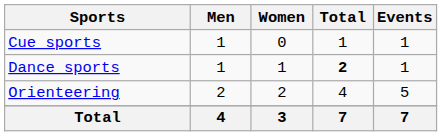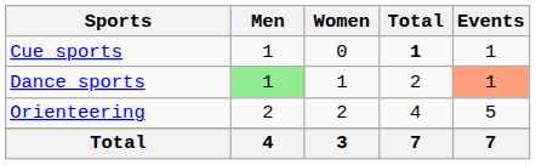 <table class="wikitable sortable" style="text-align:center;">
 <tr>
 <th width=150>Sports</th>
 <th width=45>Men</th>
 <th width=45>Women</th>
 <th width=45>Total</th>
 <th width=45>Events</th>
 </tr>
 <tr>
 <td align=left><a href='#'>Cue sports</a></td>
 <td>1</td>
 <td>0</td>
-<td>1</td>
+<td><strong>1</strong></td>
 <td>1</td>
 </tr>
 <tr>
 <td align=left><a href='#'>Dance sports</a></td>
+<td style="background: lightgreen;">1</td>
 <td>1</td>
-<td>1</td>
-<td><strong>2</strong></td>
-<td>1</td>
+<td>2</td>
+<td style="background: lightsalmon;">1</td>
 </tr>
 <tr>
 <td align=left><a href='#'>Orienteering</a></td>
 <td>2</td>
 <td>2</td>
 <td>4</td>
 <td>5</td>
 </tr>
 <tr>
 </tr>
 <tr class="sortbottom">
 <th>Total</th>
 <th>4</th>
 <th>3</th>
 <th>7</th>
 <th>7</th>
 </tr>
 </table>
